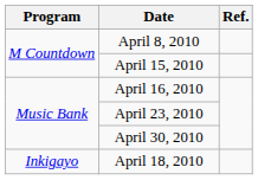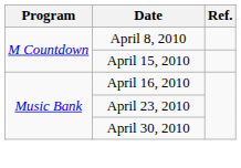 <table class="wikitable sortable" style="text-align:center">
 <tr>
 <th>Program</th>
 <th width="120">Date</th>
 <th class="unsortable">Ref.</th>
 </tr>
 <tr>
 <td rowspan="2"><em><a href='#'>M Countdown</a></em></td>
 <td>April 8, 2010</td>
 <td></td>
 </tr>
 <tr>
 <td>April 15, 2010</td>
 <td></td>
 </tr>
 <tr>
 <td rowspan="3"><em><a href='#'>Music Bank</a></em></td>
 <td>April 16, 2010</td>
 <td rowspan="3"></td>
 </tr>
 <tr>
 <td>April 23, 2010</td>
 </tr>
 <tr>
 <td>April 30, 2010</td>
 </tr>
-<tr>
-<td><em><a href='#'>Inkigayo</a></em></td>
-<td>April 18, 2010</td>
-<td></td>
-</tr>
 </table>
